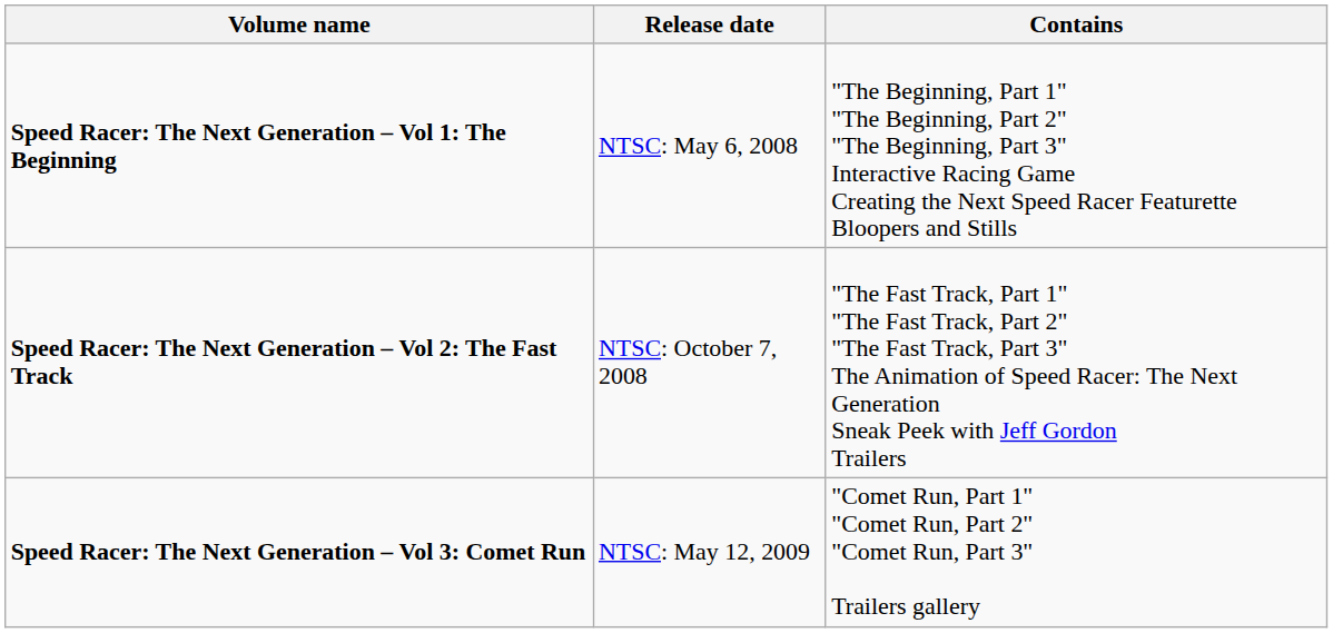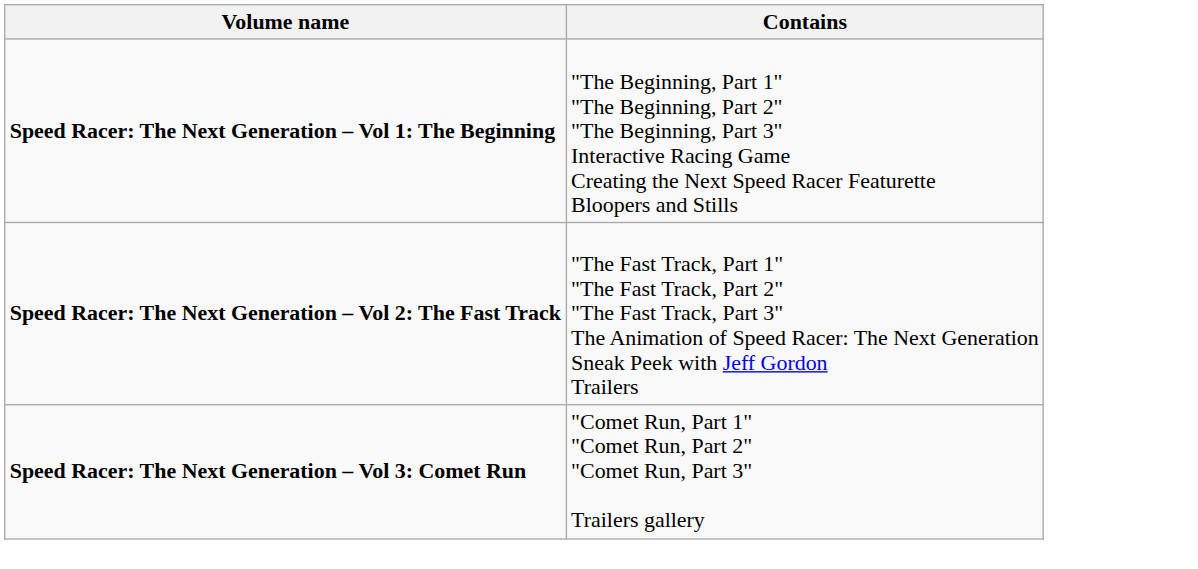 <table class="wikitable">
 <tr>
 <th>Volume name</th>
-<th>Release date</th>
 <th>Contains</th>
 </tr>
 <tr>
 <td><strong>Speed Racer: The Next Generation – Vol 1: The Beginning</strong></td>
-<td><a href='#'>NTSC</a>: May 6, 2008</td>
 <td><br>"The Beginning, Part 1"<br>"The Beginning, Part 2"<br>"The Beginning, Part 3"<br> Interactive Racing Game<br>Creating the Next Speed Racer Featurette<br>Bloopers and Stills</td>
 </tr>
 <tr>
 <td><strong>Speed Racer: The Next Generation – Vol 2: The Fast Track</strong></td>
-<td><a href='#'>NTSC</a>: October 7, 2008</td>
 <td><br>"The Fast Track, Part 1"<br>"The Fast Track, Part 2"<br>"The Fast Track, Part 3"<br> The Animation of Speed Racer: The Next Generation<br>Sneak Peek with <a href='#'>Jeff Gordon</a><br>Trailers</td>
 </tr>
 <tr>
 <td><strong>Speed Racer: The Next Generation – Vol 3: Comet Run</strong></td>
-<td><a href='#'>NTSC</a>: May 12, 2009</td>
 <td>"Comet Run, Part 1"<br>"Comet Run, Part 2"<br>"Comet Run, Part 3"<br><br>Trailers gallery</td>
 </tr>
 </table>
